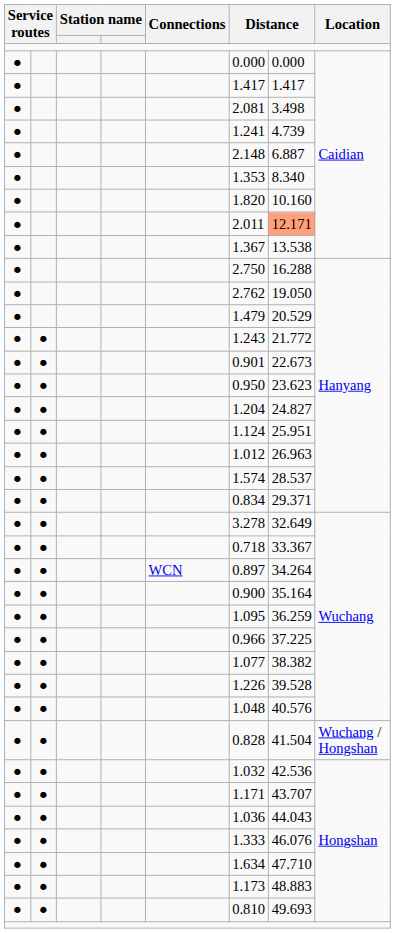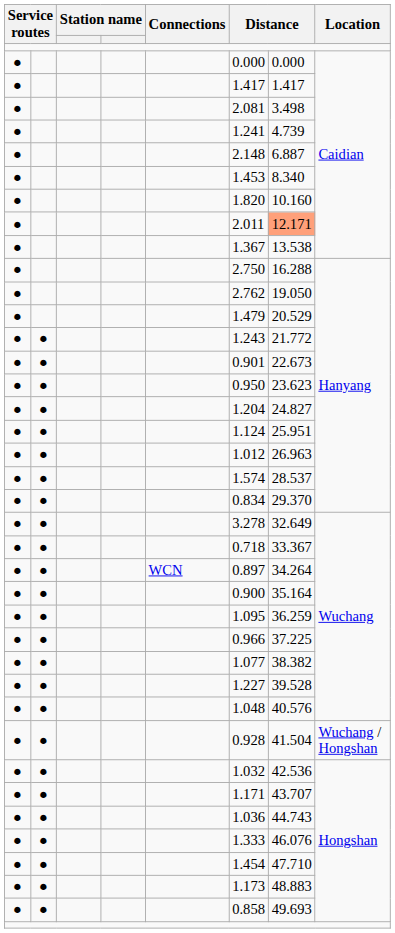 <table class="wikitable">
 <tr>
 <th rowspan="2" colspan="2">Service<br>routes</th>
 <th colspan="2">Station name</th>
 <th rowspan="2">Connections</th>
 <th colspan="2" rowspan="2">Distance<br></th>
 <th rowspan="2">Location</th>
 </tr>
 <tr>
 <th></th>
 <th></th>
 </tr>
 <tr style="background:#">
 <td colspan="8"></td>
 </tr>
 <tr>
 <td align="center">●</td>
 <td align="center"></td>
 <td></td>
 <td></td>
 <td></td>
 <td>0.000</td>
 <td>0.000</td>
 <td rowspan = "9"><a href='#'>Caidian</a></td>
 </tr>
 <tr>
 <td align="center">●</td>
 <td align="center"></td>
 <td></td>
 <td></td>
 <td></td>
 <td>1.417</td>
 <td>1.417</td>
 </tr>
 <tr>
 <td align="center">●</td>
 <td align="center"></td>
 <td></td>
 <td></td>
 <td></td>
 <td>2.081</td>
 <td>3.498</td>
 </tr>
 <tr>
 <td align="center">●</td>
 <td align="center"></td>
 <td></td>
 <td></td>
 <td></td>
 <td>1.241</td>
 <td>4.739</td>
 </tr>
 <tr>
 <td align="center">●</td>
 <td align="center"></td>
 <td></td>
 <td></td>
 <td></td>
 <td>2.148</td>
 <td>6.887</td>
 </tr>
 <tr>
 <td align="center">●</td>
 <td align="center"></td>
 <td></td>
 <td></td>
 <td></td>
-<td>1.353</td>
+<td>1.453</td>
 <td>8.340</td>
 </tr>
 <tr>
 <td align="center">●</td>
 <td align="center"></td>
 <td></td>
 <td></td>
 <td></td>
 <td>1.820</td>
 <td>10.160</td>
 </tr>
 <tr>
 <td align="center">●</td>
 <td align="center"></td>
 <td></td>
 <td></td>
 <td></td>
 <td>2.011</td>
 <td style="background: lightsalmon;">12.171</td>
 </tr>
 <tr>
 <td align="center">●</td>
 <td align="center"></td>
 <td></td>
 <td></td>
 <td></td>
 <td>1.367</td>
 <td>13.538</td>
 </tr>
 <tr>
 <td align="center">●</td>
 <td align="center"></td>
 <td></td>
 <td></td>
 <td></td>
 <td>2.750</td>
 <td>16.288</td>
 <td rowspan = "11" width = "75pt"><a href='#'>Hanyang</a></td>
 </tr>
 <tr>
 <td align="center">●</td>
 <td align="center"></td>
 <td></td>
 <td></td>
 <td></td>
 <td>2.762</td>
 <td>19.050</td>
 </tr>
 <tr>
 <td align="center">●</td>
 <td align="center"></td>
 <td></td>
 <td></td>
 <td></td>
 <td>1.479</td>
 <td>20.529</td>
 </tr>
 <tr>
 <td align="center">●</td>
 <td align="center">●</td>
 <td></td>
 <td></td>
 <td></td>
 <td>1.243</td>
 <td>21.772</td>
 </tr>
 <tr>
 <td align="center">●</td>
 <td align="center">●</td>
 <td></td>
 <td></td>
 <td></td>
 <td>0.901</td>
 <td>22.673</td>
 </tr>
 <tr>
 <td align="center">●</td>
 <td align="center">●</td>
 <td></td>
 <td></td>
 <td></td>
 <td>0.950</td>
 <td>23.623</td>
 </tr>
 <tr>
 <td align="center">●</td>
 <td align="center">●</td>
 <td></td>
 <td></td>
 <td></td>
 <td>1.204</td>
 <td>24.827</td>
 </tr>
 <tr>
 <td align="center">●</td>
 <td align="center">●</td>
 <td></td>
 <td></td>
 <td></td>
 <td>1.124</td>
 <td>25.951</td>
 </tr>
 <tr>
 <td align="center">●</td>
 <td align="center">●</td>
 <td></td>
 <td></td>
 <td></td>
 <td>1.012</td>
 <td>26.963</td>
 </tr>
 <tr>
 <td align="center">●</td>
 <td align="center">●</td>
 <td></td>
 <td></td>
 <td></td>
 <td>1.574</td>
 <td>28.537</td>
 </tr>
 <tr>
 <td align="center">●</td>
 <td align="center">●</td>
 <td></td>
 <td></td>
 <td></td>
 <td>0.834</td>
-<td>29.371</td>
+<td>29.370</td>
 </tr>
 <tr>
 <td align="center">●</td>
 <td align="center">●</td>
 <td></td>
 <td></td>
 <td><br></td>
 <td>3.278</td>
 <td>32.649</td>
 <td rowspan = "9" width = "75pt"><a href='#'>Wuchang</a></td>
 </tr>
 <tr>
 <td align="center">●</td>
 <td align="center">●</td>
 <td></td>
 <td></td>
 <td></td>
 <td>0.718</td>
 <td>33.367</td>
 </tr>
 <tr>
 <td align="center">●</td>
 <td align="center">●</td>
 <td></td>
 <td></td>
 <td>    <a href='#'>WCN</a></td>
 <td>0.897</td>
 <td>34.264</td>
 </tr>
 <tr>
 <td align="center">●</td>
 <td align="center">●</td>
 <td></td>
 <td></td>
 <td></td>
 <td>0.900</td>
 <td>35.164</td>
 </tr>
 <tr>
 <td align="center">●</td>
 <td align="center">●</td>
 <td></td>
 <td></td>
 <td></td>
 <td>1.095</td>
 <td>36.259</td>
 </tr>
 <tr>
 <td align="center">●</td>
 <td align="center">●</td>
 <td></td>
 <td></td>
 <td></td>
 <td>0.966</td>
 <td>37.225</td>
 </tr>
 <tr>
 <td align="center">●</td>
 <td align="center">●</td>
 <td></td>
 <td></td>
 <td></td>
 <td>1.077</td>
 <td>38.382</td>
 </tr>
 <tr>
 <td align="center">●</td>
 <td align="center">●</td>
 <td></td>
 <td></td>
 <td></td>
-<td>1.226</td>
+<td>1.227</td>
 <td>39.528</td>
 </tr>
 <tr>
 <td align="center">●</td>
 <td align="center">●</td>
 <td></td>
 <td></td>
 <td></td>
 <td>1.048</td>
 <td>40.576</td>
 </tr>
 <tr>
 <td align="center">●</td>
 <td align="center">●</td>
 <td></td>
 <td></td>
 <td></td>
-<td>0.828</td>
+<td>0.928</td>
 <td>41.504</td>
 <td rowspan = "1" width = "75pt"><a href='#'>Wuchang</a> / <a href='#'>Hongshan</a></td>
 </tr>
 <tr>
 <td align="center">●</td>
 <td align="center">●</td>
 <td></td>
 <td></td>
 <td></td>
 <td>1.032</td>
 <td>42.536</td>
 <td rowspan = "7" width = "75pt"><a href='#'>Hongshan</a></td>
 </tr>
 <tr>
 <td align="center">●</td>
 <td align="center">●</td>
 <td></td>
 <td></td>
 <td></td>
 <td>1.171</td>
 <td>43.707</td>
 </tr>
 <tr>
 <td align="center">●</td>
 <td align="center">●</td>
 <td></td>
 <td></td>
 <td></td>
 <td>1.036</td>
-<td>44.043</td>
+<td>44.743</td>
 </tr>
 <tr>
 <td align="center">●</td>
 <td align="center">●</td>
 <td></td>
 <td></td>
 <td></td>
 <td>1.333</td>
 <td>46.076</td>
 </tr>
 <tr>
 <td align="center">●</td>
 <td align="center">●</td>
 <td></td>
 <td></td>
 <td></td>
-<td>1.634</td>
+<td>1.454</td>
 <td>47.710</td>
 </tr>
 <tr>
 <td align="center">●</td>
 <td align="center">●</td>
 <td></td>
 <td></td>
 <td></td>
 <td>1.173</td>
 <td>48.883</td>
 </tr>
 <tr>
 <td align="center">●</td>
 <td align="center">●</td>
 <td></td>
 <td></td>
 <td>    </td>
-<td>0.810</td>
+<td>0.858</td>
 <td>49.693</td>
 </tr>
 <tr style="background:#">
 <td colspan="8"></td>
 </tr>
 </table>
